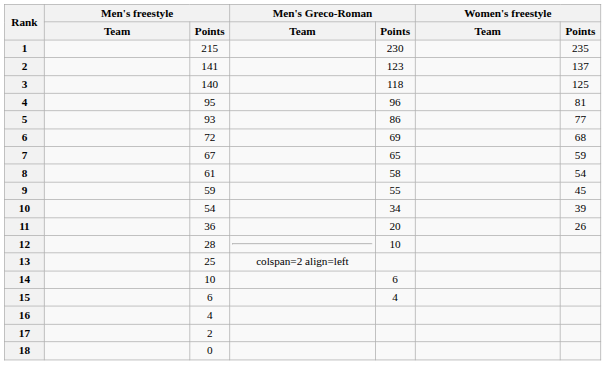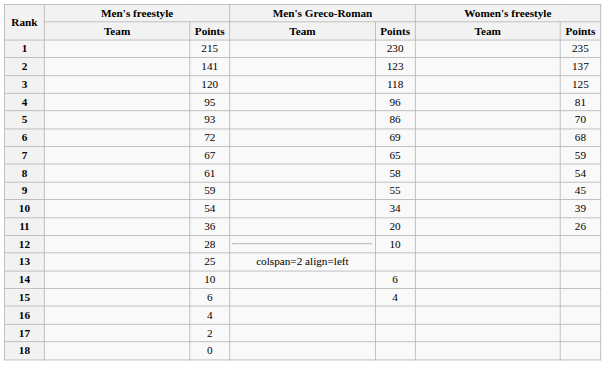 <table class="wikitable" style="text-align:center;">
 <tr>
 <th width=50 rowspan="2">Rank</th>
 <th colspan="2">Men's freestyle</th>
 <th colspan="2">Men's Greco-Roman</th>
 <th colspan="2">Women's freestyle</th>
 </tr>
 <tr>
 <th width=200>Team</th>
 <th width=50>Points</th>
 <th width=200>Team</th>
 <th width=50>Points</th>
 <th width=200>Team</th>
 <th width=50>Points</th>
 </tr>
 <tr>
 <th>1</th>
 <td align=left></td>
 <td>215</td>
 <td align=left></td>
 <td>230</td>
 <td align=left></td>
 <td>235</td>
 </tr>
 <tr>
 <th>2</th>
 <td align=left></td>
 <td>141</td>
 <td align=left></td>
 <td>123</td>
 <td align=left></td>
 <td>137</td>
 </tr>
 <tr>
 <th>3</th>
 <td align=left></td>
-<td>140</td>
+<td>120</td>
 <td align=left></td>
 <td>118</td>
 <td align=left></td>
 <td>125</td>
 </tr>
 <tr>
 <th>4</th>
 <td align=left></td>
 <td>95</td>
 <td align=left></td>
 <td>96</td>
 <td align=left></td>
 <td>81</td>
 </tr>
 <tr>
 <th>5</th>
 <td align=left></td>
 <td>93</td>
 <td align=left></td>
 <td>86</td>
 <td align=left></td>
-<td>77</td>
+<td>70</td>
 </tr>
 <tr>
 <th>6</th>
 <td align=left></td>
 <td>72</td>
 <td align=left></td>
 <td>69</td>
 <td align=left></td>
 <td>68</td>
 </tr>
 <tr>
 <th>7</th>
 <td align=left></td>
 <td>67</td>
 <td align=left></td>
 <td>65</td>
 <td align=left></td>
 <td>59</td>
 </tr>
 <tr>
 <th>8</th>
 <td align=left></td>
 <td>61</td>
 <td align=left></td>
 <td>58</td>
 <td align=left></td>
 <td>54</td>
 </tr>
 <tr>
 <th>9</th>
 <td align=left></td>
 <td>59</td>
 <td align=left></td>
 <td>55</td>
 <td align=left></td>
 <td>45</td>
 </tr>
 <tr>
 <th>10</th>
 <td align=left></td>
 <td>54</td>
 <td align=left></td>
 <td>34</td>
 <td align=left></td>
 <td>39</td>
 </tr>
 <tr>
 <th>11</th>
 <td align=left></td>
 <td>36</td>
 <td align=left></td>
 <td>20</td>
 <td align=left></td>
 <td>26</td>
 </tr>
 <tr>
 <th>12</th>
 <td align=left></td>
 <td>28</td>
 <td align=left><hr></td>
 <td>10</td>
 <td align=left></td>
 <td></td>
 </tr>
 <tr>
 <th>13</th>
 <td align=left></td>
 <td>25</td>
 <td>colspan=2 align=left </td>
 <td align=left></td>
 <td></td>
 </tr>
 <tr>
 <th>14</th>
 <td align=left></td>
 <td>10</td>
 <td align=left></td>
 <td>6</td>
 <td align=left></td>
 <td></td>
 </tr>
 <tr>
 <th>15</th>
 <td align=left></td>
 <td>6</td>
 <td align=left></td>
 <td>4</td>
 <td align=left></td>
 <td></td>
 </tr>
 <tr>
 <th>16</th>
 <td align=left></td>
 <td>4</td>
 <td align=left></td>
 <td></td>
 <td align=left></td>
 <td></td>
 </tr>
 <tr>
 <th>17</th>
 <td align=left></td>
 <td>2</td>
 <td align=left></td>
 <td></td>
 <td align=left></td>
 <td></td>
 </tr>
 <tr>
 <th>18</th>
 <td align=left></td>
 <td>0</td>
 <td align=left></td>
 <td></td>
 <td align=left></td>
 <td></td>
 </tr>
 </table>
